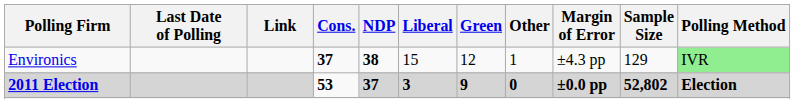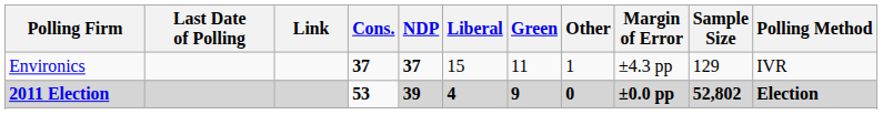 <table class="wikitable sortable">
 <tr style="background:#e9e9e9;">
 <th style="width:120px">Polling Firm</th>
 <th style="width:110px">Last Date<br>of Polling</th>
 <th style="width:60px" class="unsortable">Link</th>
 <th style="background-color:"><strong><a href='#'>Cons.</a></strong></th>
 <th style="background-color:"><strong><a href='#'>NDP</a></strong></th>
 <th style="background-color:"><strong><a href='#'>Liberal</a></strong></th>
 <th style="background-color:"><strong><a href='#'>Green</a></strong></th>
 <th style="background-color:"><strong>Other</strong></th>
 <th style="width:60px;" class=unsortable>Margin<br>of Error</th>
 <th style="width:50px;" class=unsortable>Sample<br>Size</th>
 <th class=unsortable>Polling Method</th>
 </tr>
 <tr>
 <td><a href='#'>Environics</a></td>
 <td></td>
 <td></td>
 <td><strong>37</strong></td>
-<td><strong>38</strong></td>
+<td><strong>37</strong></td>
 <td>15</td>
-<td>12</td>
+<td>11</td>
 <td>1</td>
 <td>±4.3 pp</td>
 <td>129</td>
-<td style="background: lightgreen;">IVR</td>
+<td>IVR</td>
 </tr>
 <tr>
 <td style="background:#D5D5D5"><strong><a href='#'>2011 Election</a></strong></td>
 <td style="background:#D5D5D5"><strong></strong></td>
 <td style="background:#D5D5D5"></td>
 <td><strong>53</strong></td>
-<td style="background:#D5D5D5"><strong>37</strong></td>
-<td style="background:#D5D5D5"><strong>3</strong></td>
+<td style="background:#D5D5D5"><strong>39</strong></td>
+<td style="background:#D5D5D5"><strong>4</strong></td>
 <td style="background:#D5D5D5"><strong>9</strong></td>
 <td style="background:#D5D5D5"><strong>0</strong></td>
 <td style="background:#D5D5D5"><strong>±0.0 pp</strong></td>
 <td style="background:#D5D5D5"><strong>52,802</strong></td>
 <td style="background:#D5D5D5"><strong>Election</strong></td>
 </tr>
 <tr>
 </tr>
 <tr>
 </tr>
 </table>
